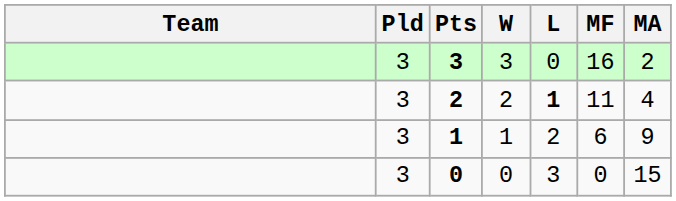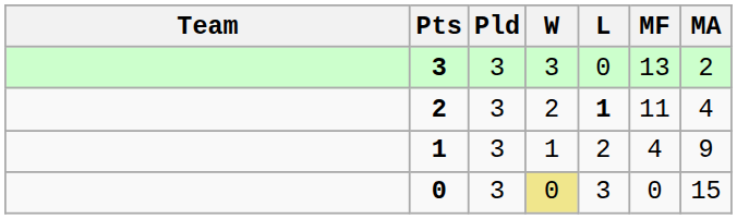 <table class=wikitable style="text-align:center">
 <tr>
 <th width=200>Team</th>
+<th width=20>Pts</th>
 <th width=20>Pld</th>
-<th width=20>Pts</th>
 <th width=20>W</th>
 <th width=20>L</th>
 <th width=20>MF</th>
 <th width=20>MA</th>
 </tr>
 <tr bgcolor=ccffcc>
 <td style="text-align:left"><strong></strong></td>
-<td>3</td>
 <td><strong>3</strong></td>
 <td>3</td>
+<td>3</td>
 <td>0</td>
-<td>16</td>
+<td>13</td>
 <td>2</td>
 </tr>
 <tr>
 <td style="text-align:left"></td>
+<td><strong>2</strong></td>
 <td>3</td>
-<td><strong>2</strong></td>
 <td>2</td>
 <td><strong>1</strong></td>
 <td>11</td>
 <td>4</td>
 </tr>
 <tr>
 <td style="text-align:left"></td>
+<td><strong>1</strong></td>
 <td>3</td>
-<td><strong>1</strong></td>
 <td>1</td>
 <td>2</td>
-<td>6</td>
+<td>4</td>
 <td>9</td>
 </tr>
 <tr>
 <td style="text-align:left"></td>
+<td><strong>0</strong></td>
 <td>3</td>
-<td><strong>0</strong></td>
-<td>0</td>
+<td style="background: khaki;">0</td>
 <td>3</td>
 <td>0</td>
 <td>15</td>
 </tr>
 </table>
